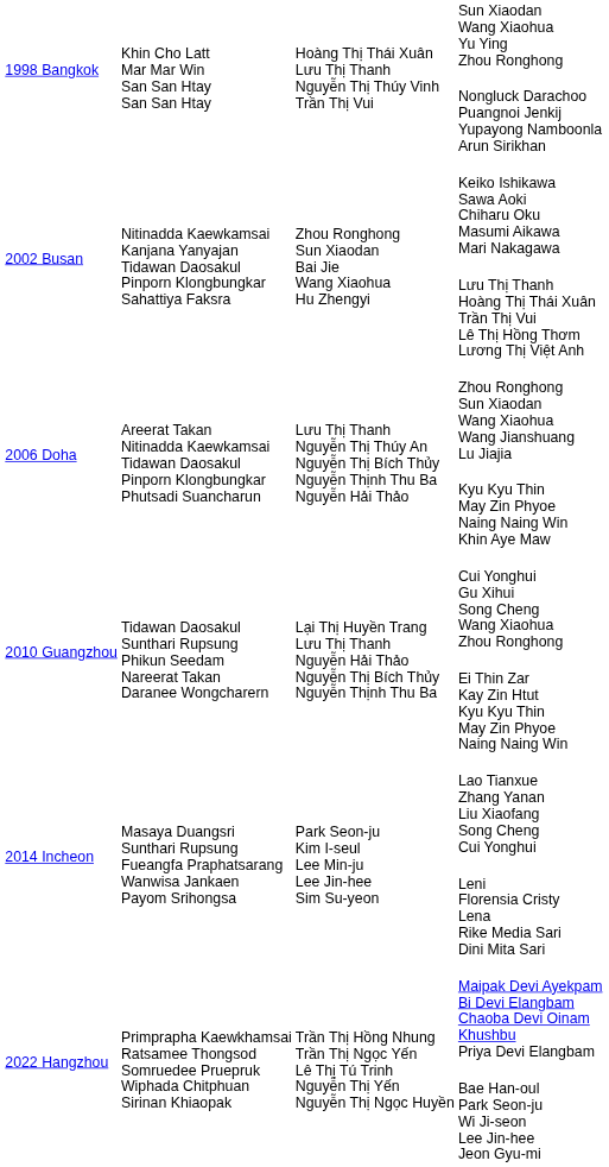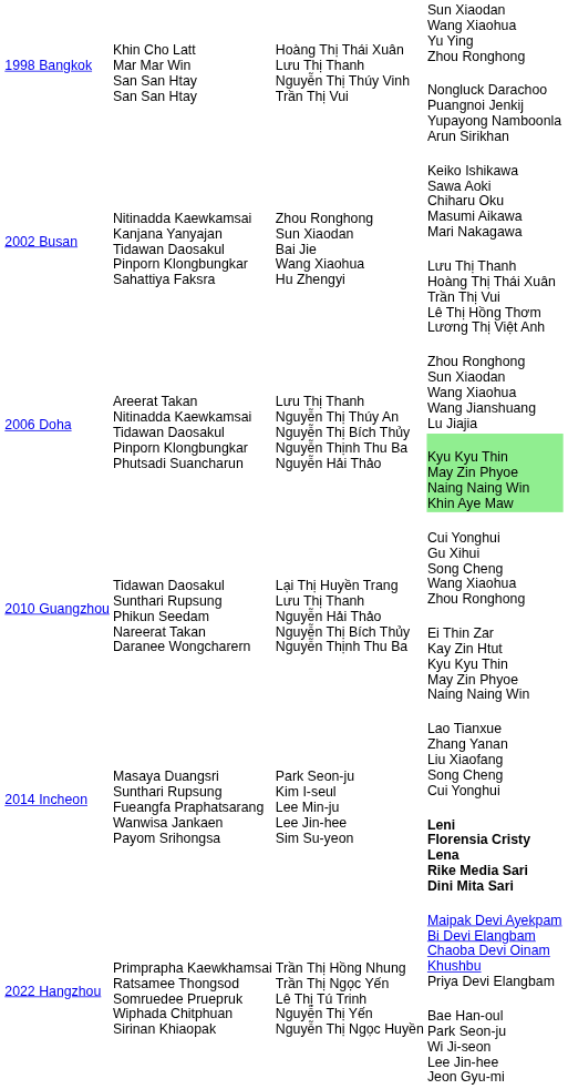 <table>
 <tr>
 <td rowspan=2><a href='#'>1998 Bangkok</a></td>
 <td rowspan=2><br>Khin Cho Latt<br>Mar Mar Win<br>San San Htay<br>San San Htay</td>
 <td rowspan=2><br>Hoàng Thị Thái Xuân<br>Lưu Thị Thanh<br>Nguyễn Thị Thúy Vinh<br>Trần Thị Vui</td>
 <td><br>Sun Xiaodan<br>Wang Xiaohua<br>Yu Ying<br>Zhou Ronghong</td>
 </tr>
 <tr>
 <td><br>Nongluck Darachoo<br>Puangnoi Jenkij<br>Yupayong Namboonla<br>Arun Sirikhan</td>
 </tr>
 <tr>
 <td rowspan=2><a href='#'>2002 Busan</a></td>
 <td rowspan=2><br>Nitinadda Kaewkamsai<br>Kanjana Yanyajan<br>Tidawan Daosakul<br>Pinporn Klongbungkar<br>Sahattiya Faksra</td>
 <td rowspan=2><br>Zhou Ronghong<br>Sun Xiaodan<br>Bai Jie<br>Wang Xiaohua<br>Hu Zhengyi</td>
 <td><br>Keiko Ishikawa<br>Sawa Aoki<br>Chiharu Oku<br>Masumi Aikawa<br>Mari Nakagawa</td>
 </tr>
 <tr>
 <td><br>Lưu Thị Thanh<br>Hoàng Thị Thái Xuân<br>Trần Thị Vui<br>Lê Thị Hồng Thơm<br>Lương Thị Việt Anh</td>
 </tr>
 <tr>
 <td rowspan=2><a href='#'>2006 Doha</a></td>
 <td rowspan=2><br>Areerat Takan<br>Nitinadda Kaewkamsai<br>Tidawan Daosakul<br>Pinporn Klongbungkar<br>Phutsadi Suancharun</td>
 <td rowspan=2><br>Lưu Thị Thanh<br>Nguyễn Thị Thúy An<br>Nguyễn Thị Bích Thủy<br>Nguyễn Thịnh Thu Ba<br>Nguyễn Hải Thảo</td>
 <td><br>Zhou Ronghong<br>Sun Xiaodan<br>Wang Xiaohua<br>Wang Jianshuang<br>Lu Jiajia</td>
 </tr>
 <tr>
-<td><br>Kyu Kyu Thin<br>May Zin Phyoe<br>Naing Naing Win<br>Khin Aye Maw</td>
+<td style="background: lightgreen;"><br>Kyu Kyu Thin<br>May Zin Phyoe<br>Naing Naing Win<br>Khin Aye Maw</td>
 </tr>
 <tr>
 <td rowspan=2><a href='#'>2010 Guangzhou</a></td>
 <td rowspan=2><br>Tidawan Daosakul<br>Sunthari Rupsung<br>Phikun Seedam<br>Nareerat Takan<br>Daranee Wongcharern</td>
 <td rowspan=2><br>Lại Thị Huyền Trang<br>Lưu Thị Thanh<br>Nguyễn Hải Thảo<br>Nguyễn Thị Bích Thủy<br>Nguyễn Thịnh Thu Ba</td>
 <td><br>Cui Yonghui<br>Gu Xihui<br>Song Cheng<br>Wang Xiaohua<br>Zhou Ronghong</td>
 </tr>
 <tr>
 <td><br>Ei Thin Zar<br>Kay Zin Htut<br>Kyu Kyu Thin<br>May Zin Phyoe<br>Naing Naing Win</td>
 </tr>
 <tr>
 <td rowspan=2><a href='#'>2014 Incheon</a></td>
 <td rowspan=2><br>Masaya Duangsri<br>Sunthari Rupsung<br>Fueangfa Praphatsarang<br>Wanwisa Jankaen<br>Payom Srihongsa</td>
 <td rowspan=2><br>Park Seon-ju<br>Kim I-seul<br>Lee Min-ju<br>Lee Jin-hee<br>Sim Su-yeon</td>
 <td><br>Lao Tianxue<br>Zhang Yanan<br>Liu Xiaofang<br>Song Cheng<br>Cui Yonghui</td>
 </tr>
 <tr>
-<td><br>Leni<br>Florensia Cristy<br>Lena<br>Rike Media Sari<br>Dini Mita Sari</td>
+<td><strong><br>Leni<br>Florensia Cristy<br>Lena<br>Rike Media Sari<br>Dini Mita Sari</strong></td>
 </tr>
 <tr>
 <td rowspan=2><a href='#'>2022 Hangzhou</a></td>
 <td rowspan=2><br>Primprapha Kaewkhamsai<br>Ratsamee Thongsod<br>Somruedee Pruepruk<br>Wiphada Chitphuan<br>Sirinan Khiaopak</td>
 <td rowspan=2><br>Trần Thị Hồng Nhung<br>Trần Thị Ngọc Yến<br>Lê Thị Tú Trinh<br>Nguyễn Thị Yến<br>Nguyễn Thị Ngọc Huyền</td>
 <td><br><a href='#'>Maipak Devi Ayekpam</a><br><a href='#'>Bi Devi Elangbam</a><br><a href='#'>Chaoba Devi Oinam</a><br><a href='#'>Khushbu</a><br>Priya Devi Elangbam</td>
 </tr>
 <tr>
 <td><br>Bae Han-oul<br>Park Seon-ju<br>Wi Ji-seon<br>Lee Jin-hee<br>Jeon Gyu-mi</td>
 </tr>
 </table>
